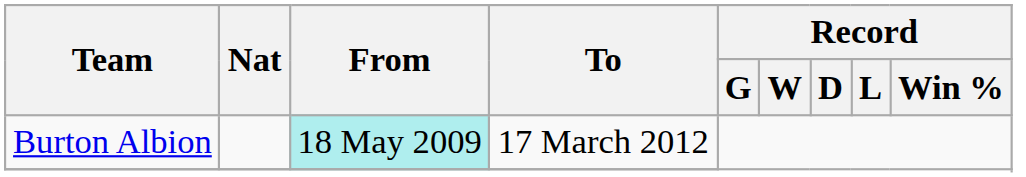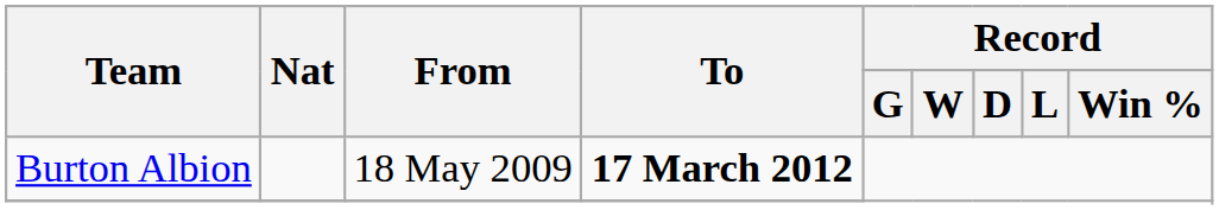 <table class="wikitable" style="text-align: left">
 <tr>
 <th rowspan="2">Team</th>
 <th rowspan="2">Nat</th>
 <th rowspan="2">From</th>
 <th rowspan="2">To</th>
 <th colspan="5">Record</th>
 </tr>
 <tr>
 <th>G</th>
 <th>W</th>
 <th>D</th>
 <th>L</th>
 <th>Win %</th>
 </tr>
 <tr>
 <td><a href='#'>Burton Albion</a></td>
 <td></td>
-<td style="background: paleturquoise;">18 May 2009</td>
-<td>17 March 2012<br></td>
+<td>18 May 2009</td>
+<td><strong>17 March 2012<br></strong></td>
 </tr>
 <tr>
 </tr>
 </table>
